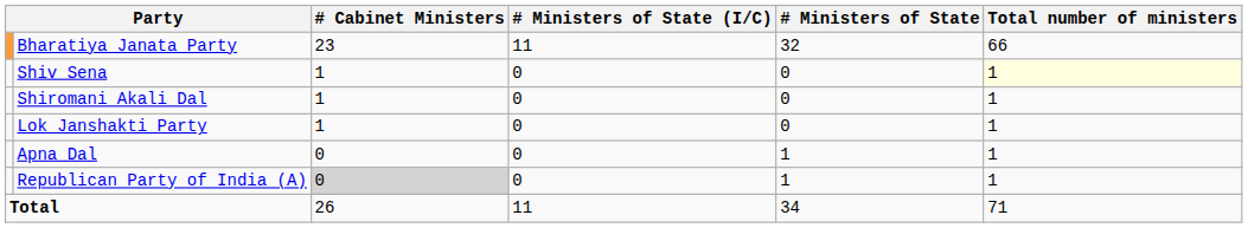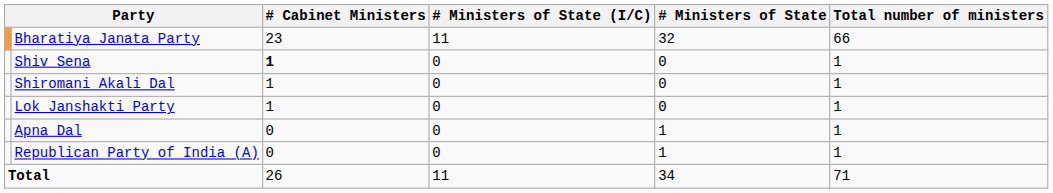 <table class="wikitable">
 <tr>
 <th Colspan=2>Party</th>
 <th># Cabinet Ministers</th>
 <th># Ministers of State (I/C)</th>
 <th># Ministers of State</th>
 <th>Total number of ministers</th>
 </tr>
 <tr>
 <td bgcolor=#FF9933></td>
 <td><a href='#'>Bharatiya Janata Party</a></td>
 <td>23</td>
 <td>11</td>
 <td>32</td>
 <td>66</td>
 </tr>
 <tr>
 <td bgcolor=></td>
 <td><a href='#'>Shiv Sena</a></td>
-<td>1</td>
+<td><strong>1</strong></td>
 <td>0</td>
 <td>0</td>
-<td style="background: lightyellow;">1</td>
+<td>1</td>
 </tr>
 <tr>
 <td bgcolor=></td>
 <td><a href='#'>Shiromani Akali Dal</a></td>
 <td>1</td>
 <td>0</td>
 <td>0</td>
 <td>1</td>
 </tr>
 <tr>
 <td bgcolor=></td>
 <td><a href='#'>Lok Janshakti Party</a></td>
 <td>1</td>
 <td>0</td>
 <td>0</td>
 <td>1</td>
 </tr>
 <tr>
 <td bgcolor=></td>
 <td><a href='#'>Apna Dal</a></td>
 <td>0</td>
 <td>0</td>
 <td>1</td>
 <td>1</td>
 </tr>
 <tr>
 <td bgcolor=></td>
 <td><a href='#'>Republican Party of India (A)</a></td>
-<td style="background: lightgrey;">0</td>
+<td>0</td>
 <td>0</td>
 <td>1</td>
 <td>1</td>
 </tr>
 <tr>
 <td Colspan=2><strong>Total</strong></td>
 <td>26</td>
 <td>11</td>
 <td>34</td>
 <td>71</td>
 </tr>
 </table>
